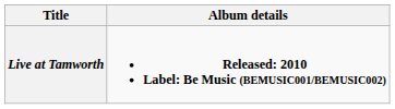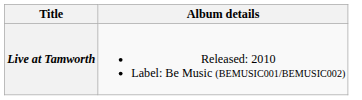 <table class="wikitable plainrowheaders" style="text-align:center;">
 <tr>
 <th>Title</th>
 <th>Album details</th>
 </tr>
 <tr>
 <th scope="row"><em>Live at Tamworth</em></th>
-<td><strong><br><ul><li>Released: 2010</li><li>Label: Be Music <small>(BEMUSIC001/BEMUSIC002)</small></li></ul></strong></td>
+<td><br><ul><li>Released: 2010</li><li>Label: Be Music <small>(BEMUSIC001/BEMUSIC002)</small></li></ul></td>
 </tr>
 </table>
